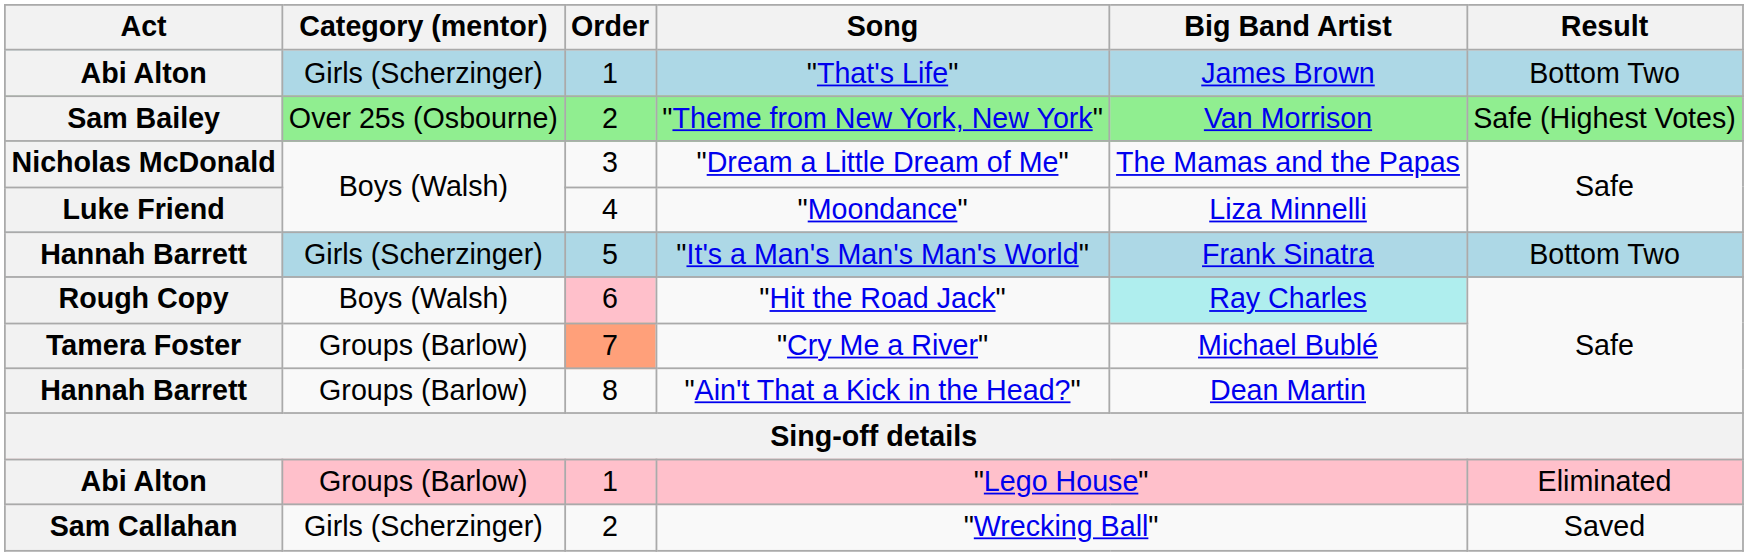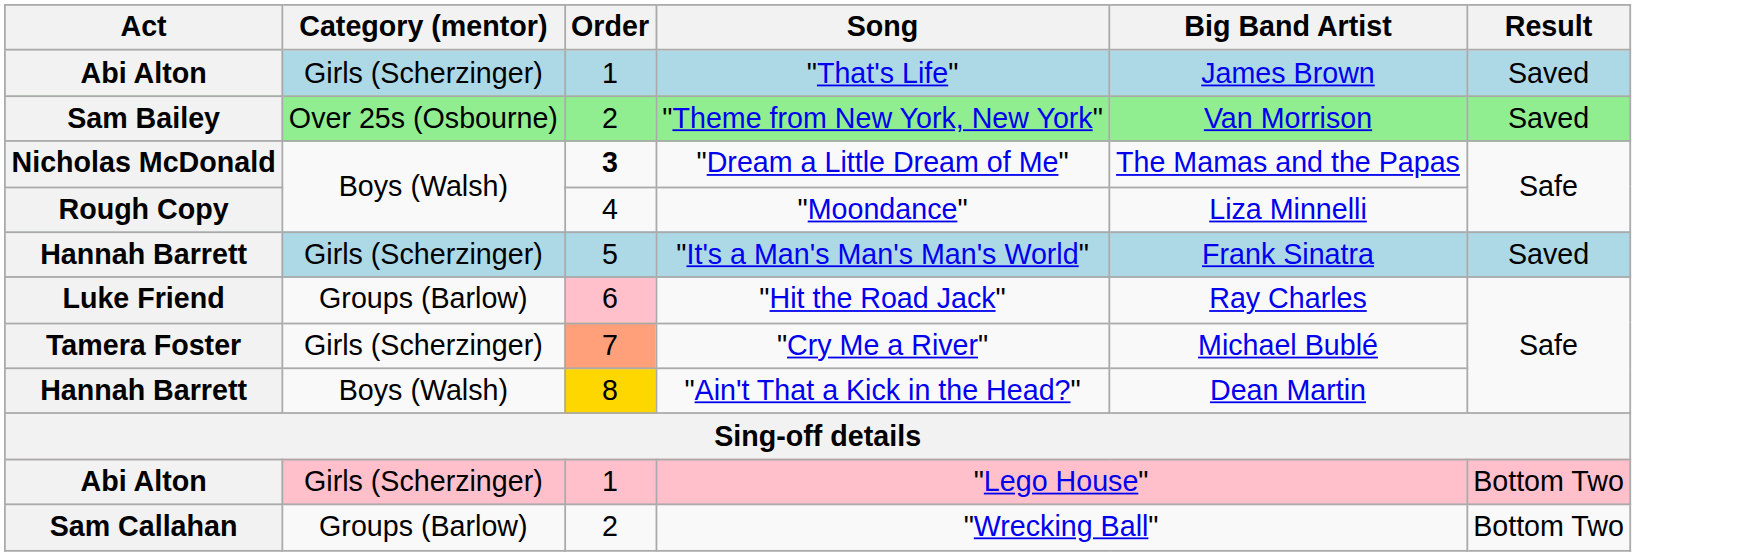 <table class="wikitable plainrowheaders" style="text-align:center;">
 <tr>
 <th scope="col">Act</th>
 <th scope="col">Category (mentor)</th>
 <th scope="col">Order</th>
 <th scope="col">Song</th>
 <th scope="col">Big Band Artist</th>
 <th scope="col">Result</th>
 </tr>
 <tr style="background:lightblue;">
 <th scope="row">Abi Alton</th>
 <td>Girls (Scherzinger)</td>
 <td>1</td>
 <td>"<a href='#'>That's Life</a>"</td>
 <td><a href='#'>James Brown</a></td>
-<td>Bottom Two</td>
+<td>Saved</td>
 </tr>
 <tr style="background:lightgreen;">
 <th scope="row">Sam Bailey</th>
 <td>Over 25s (Osbourne)</td>
 <td>2</td>
 <td>"<a href='#'>Theme from New York, New York</a>"</td>
 <td><a href='#'>Van Morrison</a></td>
-<td>Safe (Highest Votes)</td>
+<td>Saved</td>
 </tr>
 <tr>
 <th scope="row">Nicholas McDonald</th>
 <td rowspan="2">Boys (Walsh)</td>
-<td>3</td>
+<td><strong>3</strong></td>
 <td>"<a href='#'>Dream a Little Dream of Me</a>"</td>
 <td><a href='#'>The Mamas and the Papas</a></td>
 <td rowspan=2>Safe</td>
 </tr>
 <tr>
-<th scope="row">Luke Friend</th>
+<th scope="row">Rough Copy</th>
 <td>4</td>
 <td>"<a href='#'>Moondance</a>"</td>
 <td><a href='#'>Liza Minnelli</a></td>
 </tr>
 <tr style="background:lightblue;">
 <th scope="row">Hannah Barrett</th>
 <td>Girls (Scherzinger)</td>
 <td>5</td>
 <td>"<a href='#'>It's a Man's Man's Man's World</a>"</td>
 <td><a href='#'>Frank Sinatra</a></td>
-<td>Bottom Two</td>
+<td>Saved</td>
 </tr>
 <tr>
-<th scope="row">Rough Copy</th>
-<td>Boys (Walsh)</td>
+<th scope="row">Luke Friend</th>
+<td>Groups (Barlow)</td>
 <td style="background: pink;">6</td>
 <td>"<a href='#'>Hit the Road Jack</a>"</td>
-<td style="background: paleturquoise;"><a href='#'>Ray Charles</a></td>
+<td><a href='#'>Ray Charles</a></td>
 <td rowspan=3>Safe</td>
 </tr>
 <tr>
 <th scope="row">Tamera Foster</th>
-<td>Groups (Barlow)</td>
+<td>Girls (Scherzinger)</td>
 <td style="background: lightsalmon;">7</td>
 <td>"<a href='#'>Cry Me a River</a>"</td>
 <td><a href='#'>Michael Bublé</a></td>
 </tr>
 <tr>
 <th scope="row">Hannah Barrett</th>
-<td>Groups (Barlow)</td>
-<td>8</td>
+<td>Boys (Walsh)</td>
+<td style="background: gold;">8</td>
 <td>"<a href='#'>Ain't That a Kick in the Head?</a>"</td>
 <td><a href='#'>Dean Martin</a></td>
 </tr>
 <tr>
 <th colspan="6">Sing-off details</th>
 </tr>
 <tr style="background:pink;">
 <th scope="row">Abi Alton</th>
-<td>Groups (Barlow)</td>
+<td>Girls (Scherzinger)</td>
 <td>1</td>
 <td colspan="2">"<a href='#'>Lego House</a>"</td>
-<td>Eliminated</td>
+<td>Bottom Two</td>
 </tr>
 <tr>
 <th scope="row">Sam Callahan</th>
-<td>Girls (Scherzinger)</td>
+<td>Groups (Barlow)</td>
 <td>2</td>
 <td colspan="2">"<a href='#'>Wrecking Ball</a>"</td>
-<td>Saved</td>
+<td>Bottom Two</td>
 </tr>
 </table>
